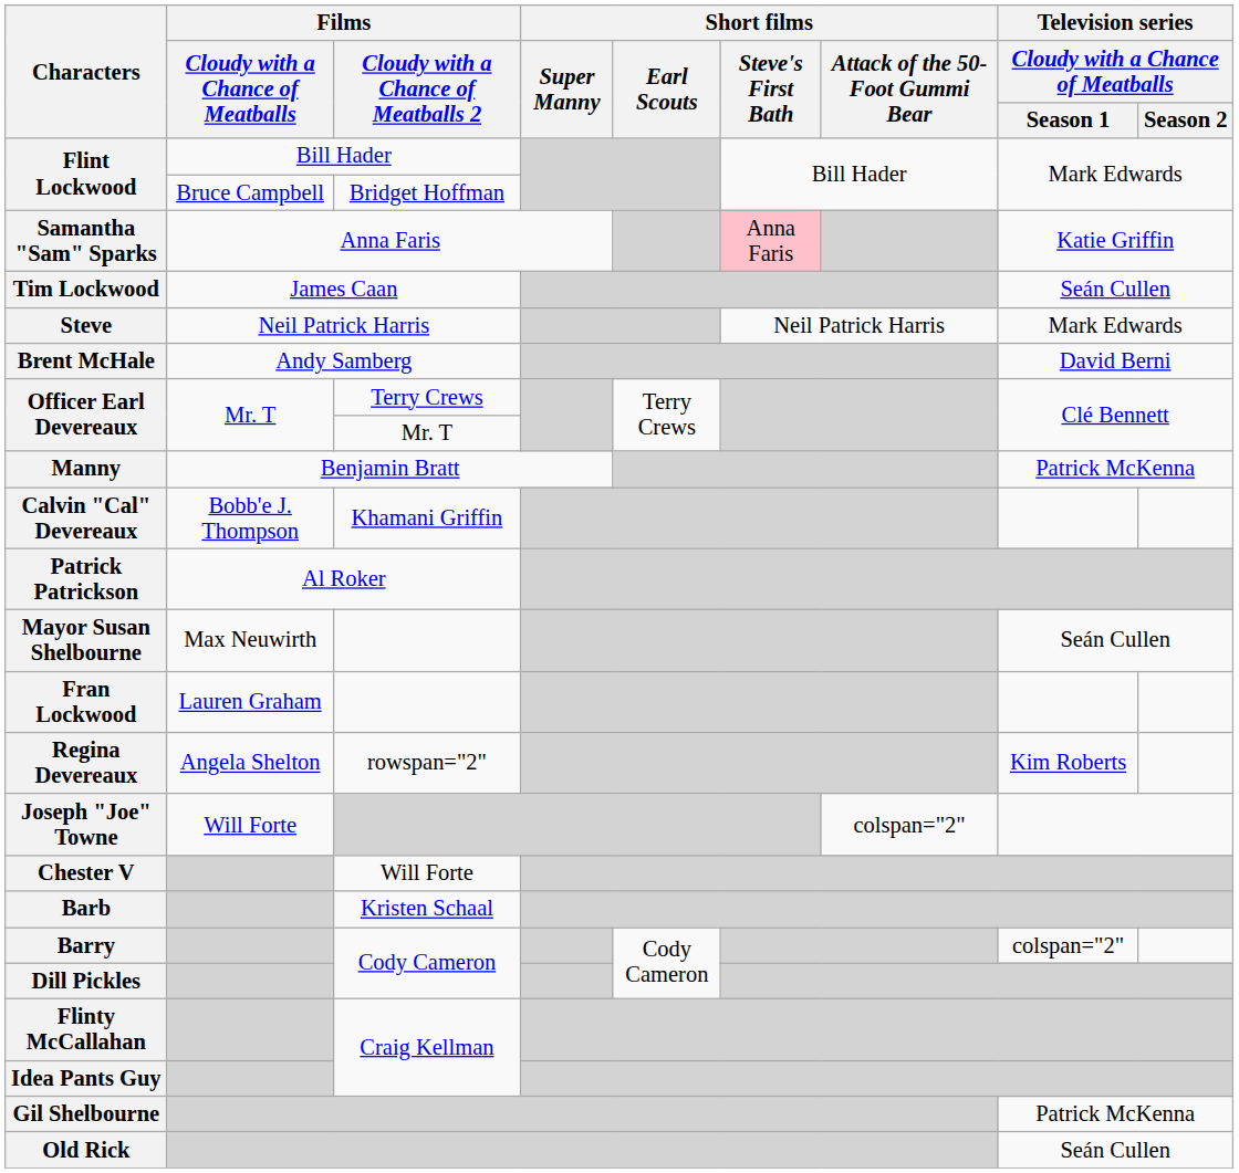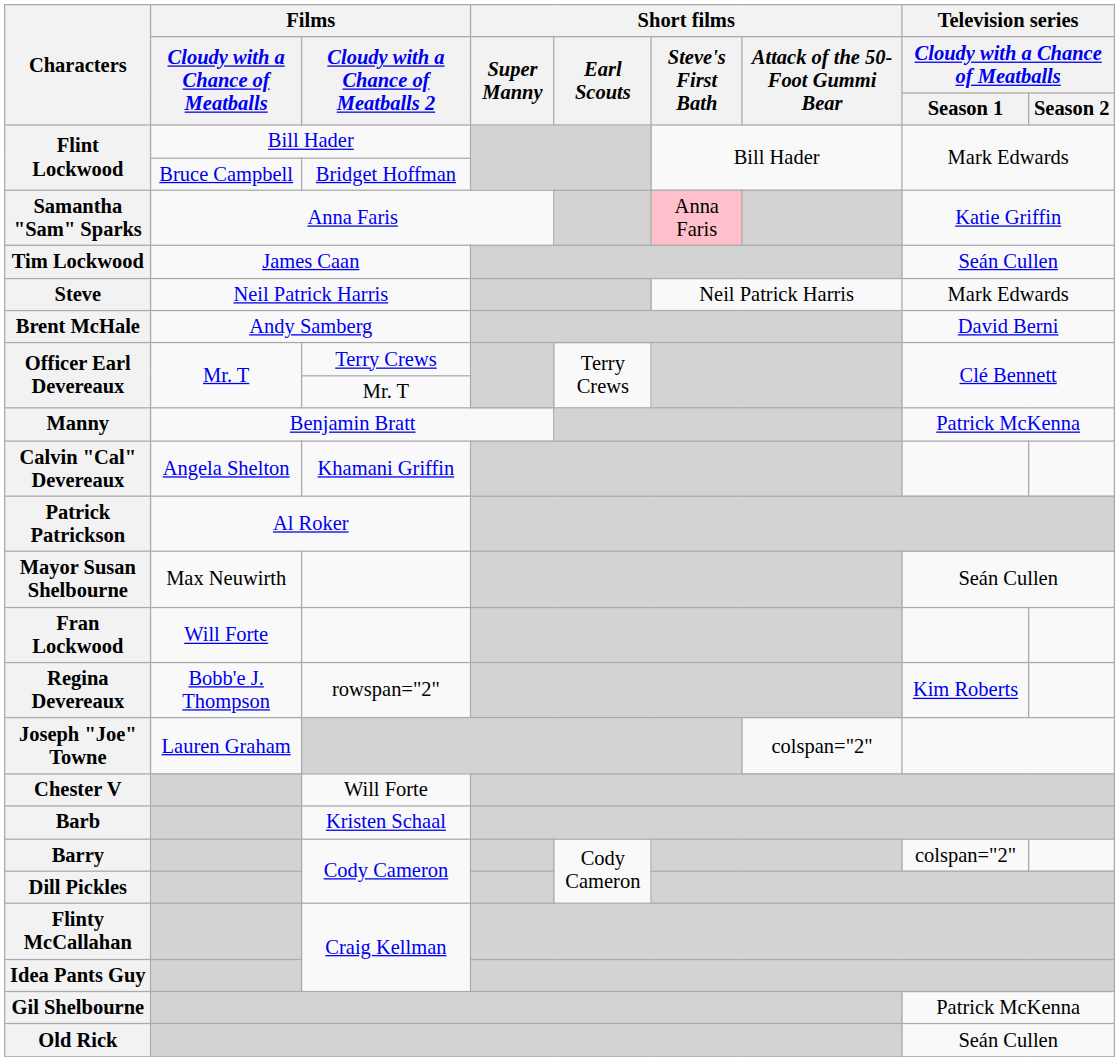 <table class="wikitable" style="text-align:center">
 <tr>
 <th rowspan="3">Characters</th>
 <th colspan="2">Films</th>
 <th colspan="4">Short films</th>
 <th colspan="2">Television series</th>
 </tr>
 <tr>
 <th rowspan="2"><em><a href='#'>Cloudy with a Chance of Meatballs</a></em></th>
 <th rowspan="2"><em><a href='#'>Cloudy with a Chance of Meatballs 2</a></em></th>
 <th rowspan="2"><em>Super Manny</em></th>
 <th rowspan="2"><em>Earl Scouts</em></th>
 <th rowspan="2"><em>Steve's First Bath</em></th>
 <th rowspan="2"><em>Attack of the 50-Foot Gummi Bear</em></th>
 <th colspan="2"><em><a href='#'>Cloudy with a Chance of Meatballs</a></em></th>
 </tr>
 <tr>
 <th>Season 1</th>
 <th>Season 2</th>
 </tr>
 <tr>
 <th rowspan="2">Flint Lockwood</th>
 <td colspan="2"><a href='#'>Bill Hader</a></td>
 <td rowspan="2" colspan="2" style=background-color:#D3D3D3></td>
 <td rowspan="2" colspan="2">Bill Hader</td>
 <td colspan="2" rowspan="2">Mark Edwards</td>
 </tr>
 <tr>
 <td><a href='#'>Bruce Campbell</a></td>
 <td><a href='#'>Bridget Hoffman</a></td>
 </tr>
 <tr>
 <th>Samantha "Sam" Sparks</th>
 <td colspan="3"><a href='#'>Anna Faris</a></td>
 <td style=background-color:#D3D3D3></td>
 <td style="background: pink;">Anna Faris</td>
 <td style=background-color:#D3D3D3></td>
 <td colspan="2"><a href='#'>Katie Griffin</a></td>
 </tr>
 <tr>
 <th>Tim Lockwood</th>
 <td colspan="2"><a href='#'>James Caan</a></td>
 <td colspan="4" style=background-color:#D3D3D3></td>
 <td colspan="2"><a href='#'>Seán Cullen</a></td>
 </tr>
 <tr>
 <th>Steve</th>
 <td colspan="2"><a href='#'>Neil Patrick Harris</a></td>
 <td colspan="2" style=background-color:#D3D3D3></td>
 <td colspan="2">Neil Patrick Harris</td>
 <td colspan="2">Mark Edwards</td>
 </tr>
 <tr>
 <th>Brent McHale</th>
 <td colspan="2"><a href='#'>Andy Samberg</a></td>
 <td colspan="4" style=background-color:#D3D3D3></td>
 <td colspan="2"><a href='#'>David Berni</a></td>
 </tr>
 <tr>
 <th rowspan="2">Officer Earl Devereaux</th>
 <td rowspan="2"><a href='#'>Mr. T</a></td>
 <td><a href='#'>Terry Crews</a></td>
 <td rowspan="2" style=background-color:#D3D3D3></td>
 <td rowspan="2">Terry Crews</td>
 <td rowspan="2" colspan="2" style=background-color:#D3D3D3></td>
 <td rowspan="2" colspan="2"><a href='#'>Clé Bennett</a></td>
 </tr>
 <tr>
 <td>Mr. T</td>
 </tr>
 <tr>
 <th>Manny</th>
 <td colspan="3"><a href='#'>Benjamin Bratt</a></td>
 <td colspan="3" style=background-color:#D3D3D3></td>
 <td colspan="2"><a href='#'>Patrick McKenna</a></td>
 </tr>
 <tr>
 <th>Calvin "Cal" Devereaux</th>
-<td><a href='#'>Bobb'e J. Thompson</a></td>
+<td><a href='#'>Angela Shelton</a></td>
 <td><a href='#'>Khamani Griffin</a></td>
 <td colspan="4" style=background-color:#D3D3D3></td>
 <td></td>
 <td></td>
 </tr>
 <tr>
 <th>Patrick Patrickson</th>
 <td colspan="2"><a href='#'>Al Roker</a></td>
 <td colspan="6" style=background-color:#D3D3D3></td>
 </tr>
 <tr>
 <th>Mayor Susan Shelbourne</th>
 <td>Max Neuwirth</td>
 <td></td>
 <td colspan="4" style=background-color:#D3D3D3></td>
 <td colspan="2">Seán Cullen</td>
 </tr>
 <tr>
 <th>Fran Lockwood</th>
-<td><a href='#'>Lauren Graham</a></td>
+<td><a href='#'>Will Forte</a></td>
 <td></td>
 <td colspan="4" style=background-color:#D3D3D3></td>
 <td></td>
 <td></td>
 </tr>
 <tr>
 <th>Regina Devereaux</th>
-<td><a href='#'>Angela Shelton</a></td>
+<td><a href='#'>Bobb'e J. Thompson</a></td>
 <td>rowspan="2" </td>
 <td colspan="4" style=background-color:#D3D3D3></td>
 <td><a href='#'>Kim Roberts</a></td>
 <td></td>
 </tr>
 <tr>
 <th>Joseph "Joe" Towne</th>
-<td><a href='#'>Will Forte</a></td>
+<td><a href='#'>Lauren Graham</a></td>
 <td colspan="4" style=background-color:#D3D3D3></td>
 <td>colspan="2" </td>
 </tr>
 <tr>
 <th>Chester V</th>
 <td style=background-color:#D3D3D3></td>
 <td>Will Forte</td>
 <td colspan="6" style=background-color:#D3D3D3></td>
 </tr>
 <tr>
 <th>Barb</th>
 <td style=background-color:#D3D3D3></td>
 <td><a href='#'>Kristen Schaal</a></td>
 <td colspan="6" style=background-color:#D3D3D3></td>
 </tr>
 <tr>
 <th>Barry</th>
 <td style=background-color:#D3D3D3></td>
 <td rowspan="2"><a href='#'>Cody Cameron</a></td>
 <td style=background-color:#D3D3D3></td>
 <td rowspan="2">Cody Cameron</td>
 <td colspan="2" style=background-color:#D3D3D3></td>
 <td>colspan="2" </td>
 </tr>
 <tr>
 <th>Dill Pickles</th>
 <td style=background-color:#D3D3D3></td>
 <td style=background-color:#D3D3D3></td>
 <td colspan="4" style=background-color:#D3D3D3></td>
 </tr>
 <tr>
 <th>Flinty McCallahan</th>
 <td style=background-color:#D3D3D3></td>
 <td rowspan="2"><a href='#'>Craig Kellman</a></td>
 <td colspan="6" style=background-color:#D3D3D3></td>
 </tr>
 <tr>
 <th>Idea Pants Guy</th>
 <td style=background-color:#D3D3D3></td>
 <td colspan="6" style=background-color:#D3D3D3></td>
 </tr>
 <tr>
 <th>Gil Shelbourne</th>
 <td colspan="6" style=background-color:#D3D3D3></td>
 <td colspan="2">Patrick McKenna</td>
 </tr>
 <tr>
 <th>Old Rick</th>
 <td colspan="6" style=background-color:#D3D3D3></td>
 <td colspan="2">Seán Cullen</td>
 </tr>
 </table>
